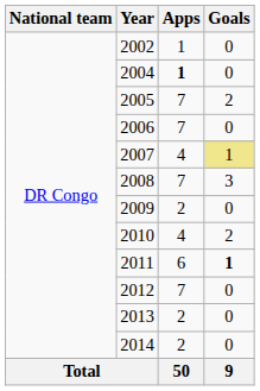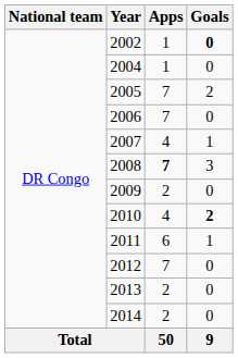 <table class="wikitable" style="text-align: center;">
 <tr>
 <th>National team</th>
 <th>Year</th>
 <th>Apps</th>
 <th>Goals</th>
 </tr>
 <tr>
 <td rowspan="12"><a href='#'>DR Congo</a></td>
 <td>2002</td>
 <td>1</td>
-<td>0</td>
+<td><strong>0</strong></td>
 </tr>
 <tr>
 <td>2004</td>
-<td><strong>1</strong></td>
+<td>1</td>
 <td>0</td>
 </tr>
 <tr>
 <td>2005</td>
 <td>7</td>
 <td>2</td>
 </tr>
 <tr>
 <td>2006</td>
 <td>7</td>
 <td>0</td>
 </tr>
 <tr>
 <td>2007</td>
 <td>4</td>
-<td style="background: khaki;">1</td>
+<td>1</td>
 </tr>
 <tr>
 <td>2008</td>
-<td>7</td>
+<td><strong>7</strong></td>
 <td>3</td>
 </tr>
 <tr>
 <td>2009</td>
 <td>2</td>
 <td>0</td>
 </tr>
 <tr>
 <td>2010</td>
 <td>4</td>
-<td>2</td>
+<td><strong>2</strong></td>
 </tr>
 <tr>
 <td>2011</td>
 <td>6</td>
-<td><strong>1</strong></td>
+<td>1</td>
 </tr>
 <tr>
 <td>2012</td>
 <td>7</td>
 <td>0</td>
 </tr>
 <tr>
 <td>2013</td>
 <td>2</td>
 <td>0</td>
 </tr>
 <tr>
 <td>2014</td>
 <td>2</td>
 <td>0</td>
 </tr>
 <tr>
 <th colspan="2">Total</th>
 <th>50</th>
 <th>9</th>
 </tr>
 </table>
